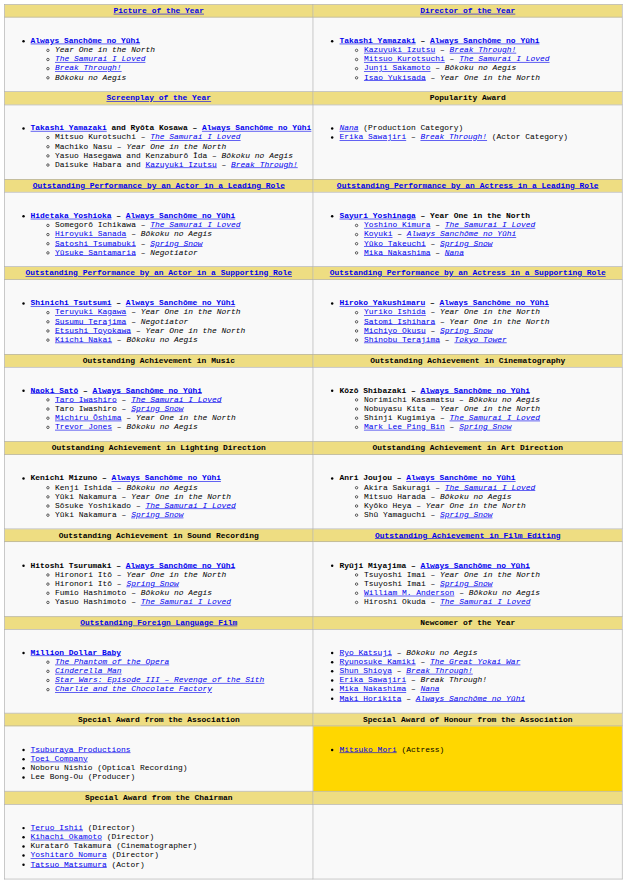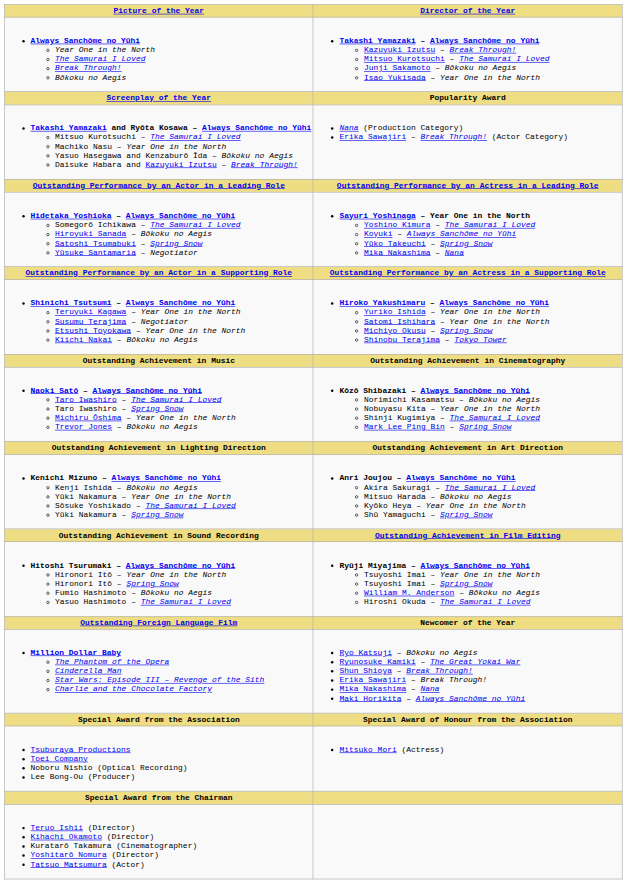 <table class=wikitable>
 <tr>
 <th style="background:#EEDD82; width:50%"><a href='#'>Picture of the Year</a></th>
 <th style="background:#EEDD82; width:50%"><a href='#'>Director of the Year</a></th>
 </tr>
 <tr>
 <td valign="top"><br><ul><li><strong><a href='#'>Always Sanchōme no Yūhi</a></strong><ul><li><em>Year One in the North</em></li><li><em><a href='#'>The Samurai I Loved</a></em></li><li><em><a href='#'>Break Through!</a></em></li><li><em>Bōkoku no Aegis</em></li></ul></li></ul></td>
 <td valign="top"><br><ul><li><strong><a href='#'>Takashi Yamazaki</a> – <a href='#'>Always Sanchōme no Yūhi</a></strong><ul><li><a href='#'>Kazuyuki Izutsu</a> – <em><a href='#'>Break Through!</a></em></li><li><a href='#'>Mitsuo Kurotsuchi</a> – <em><a href='#'>The Samurai I Loved</a></em></li><li><a href='#'>Junji Sakamoto</a> – <em>Bōkoku no Aegis</em></li><li><a href='#'>Isao Yukisada</a> – <em>Year One in the North</em></li></ul></li></ul></td>
 </tr>
 <tr>
 <th style="background:#EEDD82"><a href='#'>Screenplay of the Year</a></th>
 <th style="background:#EEDD82">Popularity Award</th>
 </tr>
 <tr>
 <td valign="top"><br><ul><li><strong><a href='#'>Takashi Yamazaki</a> and Ryōta Kosawa – <a href='#'>Always Sanchōme no Yūhi</a></strong><ul><li>Mitsuo Kurotsuchi – <em><a href='#'>The Samurai I Loved</a></em></li><li>Machiko Nasu – <em>Year One in the North</em></li><li>Yasuo Hasegawa and Kenzaburō Īda – <em>Bōkoku no Aegis</em></li><li>Daisuke Habara and <a href='#'>Kazuyuki Izutsu</a> – <em><a href='#'>Break Through!</a></em></li></ul></li></ul></td>
 <td valign="top"><br><ul><li><em><a href='#'>Nana</a></em> (Production Category)</li><li><a href='#'>Erika Sawajiri</a> – <em><a href='#'>Break Through!</a></em> (Actor Category)</li></ul></td>
 </tr>
 <tr>
 <th style="background:#EEDD82"><a href='#'>Outstanding Performance by an Actor in a Leading Role</a></th>
 <th style="background:#EEDD82"><a href='#'>Outstanding Performance by an Actress in a Leading Role</a></th>
 </tr>
 <tr>
 <td valign="top"><br><ul><li><strong><a href='#'>Hidetaka Yoshioka</a> – <a href='#'>Always Sanchōme no Yūhi</a></strong><ul><li>Somegorō Ichikawa – <em><a href='#'>The Samurai I Loved</a></em></li><li><a href='#'>Hiroyuki Sanada</a> – <em>Bōkoku no Aegis</em></li><li><a href='#'>Satoshi Tsumabuki</a> – <em><a href='#'>Spring Snow</a></em></li><li><a href='#'>Yūsuke Santamaria</a> – <em>Negotiator</em></li></ul></li></ul></td>
 <td valign="top"><br><ul><li><strong><a href='#'>Sayuri Yoshinaga</a> – Year One in the North</strong><ul><li><a href='#'>Yoshino Kimura</a> – <em><a href='#'>The Samurai I Loved</a></em></li><li><a href='#'>Koyuki</a> – <em><a href='#'>Always Sanchōme no Yūhi</a></em></li><li><a href='#'>Yūko Takeuchi</a> – <em><a href='#'>Spring Snow</a></em></li><li><a href='#'>Mika Nakashima</a> – <em><a href='#'>Nana</a></em></li></ul></li></ul></td>
 </tr>
 <tr>
 <th style="background:#EEDD82"><a href='#'>Outstanding Performance by an Actor in a Supporting Role</a></th>
 <th style="background:#EEDD82"><a href='#'>Outstanding Performance by an Actress in a Supporting Role</a></th>
 </tr>
 <tr>
 <td valign="top"><br><ul><li><strong><a href='#'>Shinichi Tsutsumi</a> – <a href='#'>Always Sanchōme no Yūhi</a></strong><ul><li><a href='#'>Teruyuki Kagawa</a> – <em>Year One in the North</em></li><li><a href='#'>Susumu Terajima</a> – <em>Negotiator</em></li><li><a href='#'>Etsushi Toyokawa</a> – <em>Year One in the North</em></li><li><a href='#'>Kiichi Nakai</a> – <em>Bōkoku no Aegis</em></li></ul></li></ul></td>
 <td valign="top"><br><ul><li><strong><a href='#'>Hiroko Yakushimaru</a> – <a href='#'>Always Sanchōme no Yūhi</a></strong><ul><li><a href='#'>Yuriko Ishida</a> – <em>Year One in the North</em></li><li><a href='#'>Satomi Ishihara</a> – <em>Year One in the North</em></li><li><a href='#'>Michiyo Okusu</a> – <em><a href='#'>Spring Snow</a></em></li><li><a href='#'>Shinobu Terajima</a> – <em><a href='#'>Tokyo Tower</a></em></li></ul></li></ul></td>
 </tr>
 <tr>
 <th style="background:#EEDD82">Outstanding Achievement in Music</th>
 <th style="background:#EEDD82">Outstanding Achievement in Cinematography</th>
 </tr>
 <tr>
 <td valign="top"><br><ul><li><strong><a href='#'>Naoki Satō</a> – <a href='#'>Always Sanchōme no Yūhi</a></strong><ul><li><a href='#'>Taro Iwashiro</a> – <em><a href='#'>The Samurai I Loved</a></em></li><li>Taro Iwashiro – <em><a href='#'>Spring Snow</a></em></li><li><a href='#'>Michiru Ōshima</a> – <em>Year One in the North</em></li><li><a href='#'>Trevor Jones</a> – <em>Bōkoku no Aegis</em></li></ul></li></ul></td>
 <td valign="top"><br><ul><li><strong>Kōzō Shibazaki – <a href='#'>Always Sanchōme no Yūhi</a></strong><ul><li>Norimichi Kasamatsu – <em>Bōkoku no Aegis</em></li><li>Nobuyasu Kita – <em>Year One in the North</em></li><li>Shinji Kugimiya – <em><a href='#'>The Samurai I Loved</a></em></li><li><a href='#'>Mark Lee Ping Bin</a> – <em><a href='#'>Spring Snow</a></em></li></ul></li></ul></td>
 </tr>
 <tr>
 <th style="background:#EEDD82">Outstanding Achievement in Lighting Direction</th>
 <th style="background:#EEDD82">Outstanding Achievement in Art Direction</th>
 </tr>
 <tr>
 <td valign="top"><br><ul><li><strong>Kenichi Mizuno – <a href='#'>Always Sanchōme no Yūhi</a></strong><ul><li>Kenji Ishida – <em>Bōkoku no Aegis</em></li><li>Yūki Nakamura – <em>Year One in the North</em></li><li>Sōsuke Yoshikado – <em><a href='#'>The Samurai I Loved</a></em></li><li>Yūki Nakamura – <em><a href='#'>Spring Snow</a></em></li></ul></li></ul></td>
 <td valign="top"><br><ul><li><strong>Anri Joujou – <a href='#'>Always Sanchōme no Yūhi</a></strong><ul><li>Akira Sakuragi – <em><a href='#'>The Samurai I Loved</a></em></li><li>Mitsuo Harada – <em>Bōkoku no Aegis</em></li><li>Kyōko Heya – <em>Year One in the North</em></li><li>Shū Yamaguchi – <em><a href='#'>Spring Snow</a></em></li></ul></li></ul></td>
 </tr>
 <tr>
 <th style="background:#EEDD82">Outstanding Achievement in Sound Recording</th>
 <th style="background:#EEDD82"><a href='#'>Outstanding Achievement in Film Editing</a></th>
 </tr>
 <tr>
 <td valign="top"><br><ul><li><strong>Hitoshi Tsurumaki – <a href='#'>Always Sanchōme no Yūhi</a></strong><ul><li>Hironori Itō – <em>Year One in the North</em></li><li>Hironori Itō – <em><a href='#'>Spring Snow</a></em></li><li>Fumio Hashimoto – <em>Bōkoku no Aegis</em></li><li>Yasuo Hashimoto – <em><a href='#'>The Samurai I Loved</a></em></li></ul></li></ul></td>
 <td valign="top"><br><ul><li><strong>Ryūji Miyajima – <a href='#'>Always Sanchōme no Yūhi</a></strong><ul><li>Tsuyoshi Imai – <em>Year One in the North</em></li><li>Tsuyoshi Imai – <em><a href='#'>Spring Snow</a></em></li><li><a href='#'>William M. Anderson</a> – <em>Bōkoku no Aegis</em></li><li>Hiroshi Okuda – <em><a href='#'>The Samurai I Loved</a></em></li></ul></li></ul></td>
 </tr>
 <tr>
 <th style="background:#EEDD82"><a href='#'>Outstanding Foreign Language Film</a></th>
 <th style="background:#EEDD82">Newcomer of the Year</th>
 </tr>
 <tr>
 <td valign="top"><br><ul><li><strong><a href='#'>Million Dollar Baby</a></strong><ul><li><em><a href='#'>The Phantom of the Opera</a></em></li><li><em><a href='#'>Cinderella Man</a></em></li><li><em><a href='#'>Star Wars: Episode III – Revenge of the Sith</a></em></li><li><em><a href='#'>Charlie and the Chocolate Factory</a></em></li></ul></li></ul></td>
 <td valign="top"><br><ul><li><a href='#'>Ryo Katsuji</a> – <em>Bōkoku no Aegis</em></li><li><a href='#'>Ryunosuke Kamiki</a> – <em><a href='#'>The Great Yokai War</a></em></li><li><a href='#'>Shun Shioya</a> – <em><a href='#'>Break Through!</a></em></li><li><a href='#'>Erika Sawajiri</a> – <em>Break Through!</em></li><li><a href='#'>Mika Nakashima</a> – <em><a href='#'>Nana</a></em></li><li><a href='#'>Maki Horikita</a> – <em><a href='#'>Always Sanchōme no Yūhi</a></em></li></ul></td>
 </tr>
 <tr>
 <th style="background:#EEDD82">Special Award from the Association</th>
 <th style="background:#EEDD82">Special Award of Honour from the Association</th>
 </tr>
 <tr>
 <td valign="top"><br><ul><li><a href='#'>Tsuburaya Productions</a></li><li><a href='#'>Toei Company</a></li><li>Noboru Nishio (Optical Recording)</li><li>Lee Bong-Ou (Producer)</li></ul></td>
-<td valign="top" style="background: gold;"><br><ul><li><a href='#'>Mitsuko Mori</a> (Actress)</li></ul></td>
+<td valign="top"><br><ul><li><a href='#'>Mitsuko Mori</a> (Actress)</li></ul></td>
 </tr>
 <tr>
 <th style="background:#EEDD82">Special Award from the Chairman</th>
 <th style="background:#EEDD82"></th>
 </tr>
 <tr>
 <td valign="top"><br><ul><li><a href='#'>Teruo Ishii</a> (Director)</li><li><a href='#'>Kihachi Okamoto</a> (Director)</li><li>Kuratarō Takamura (Cinematographer)</li><li><a href='#'>Yoshitarō Nomura</a> (Director)</li><li><a href='#'>Tatsuo Matsumura</a> (Actor)</li></ul></td>
 <td valign="top"></td>
 </tr>
 </table>
